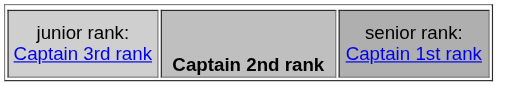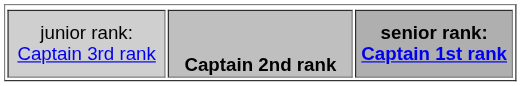 <table class="wikipedia sortable" border="1">
 <tr>
 </tr>
 <tr>
 <td width="30%" align="center" style="background:#cfcfcf;">junior rank:<br><a href='#'>Captain 3rd rank</a><br></td>
 <td width="35%" align="center" style="background:#bfbfbf;"><br> <br><strong>Captain 2nd rank</strong></td>
-<td width="30%" align="center" style="background:#afafaf;">senior rank:<br><a href='#'>Captain 1st rank</a><br><small></small></td>
+<td width="30%" align="center" style="background:#afafaf;"><strong>senior rank:<br><a href='#'>Captain 1st rank</a><br><small></small></strong></td>
 </tr>
 </table>
